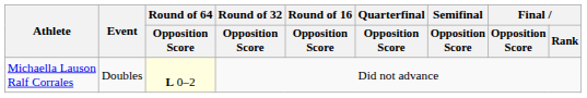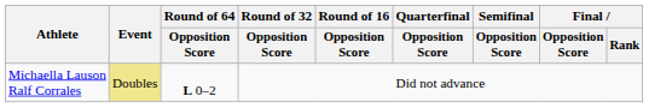 <table class="wikitable" style="font-size:90%; text-align:center">
 <tr>
 <th rowspan=2>Athlete</th>
 <th rowspan=2>Event</th>
 <th>Round of 64</th>
 <th>Round of 32</th>
 <th>Round of 16</th>
 <th>Quarterfinal</th>
 <th>Semifinal</th>
 <th colspan=2>Final / </th>
 </tr>
 <tr style="font-size:95%">
 <th>Opposition<br>Score</th>
 <th>Opposition<br>Score</th>
 <th>Opposition<br>Score</th>
 <th>Opposition<br>Score</th>
 <th>Opposition<br>Score</th>
 <th>Opposition<br>Score</th>
 <th>Rank</th>
 </tr>
 <tr>
 <td align="left"><a href='#'>Michaella Lauson</a> <br><a href='#'>Ralf Corrales</a></td>
-<td align="left">Doubles</td>
-<td style="background: lightyellow;"><br><strong>L</strong> 0–2</td>
+<td align="left" style="background: khaki;">Doubles</td>
+<td><br><strong>L</strong> 0–2</td>
 <td colspan=6>Did not advance</td>
 </tr>
 </table>
